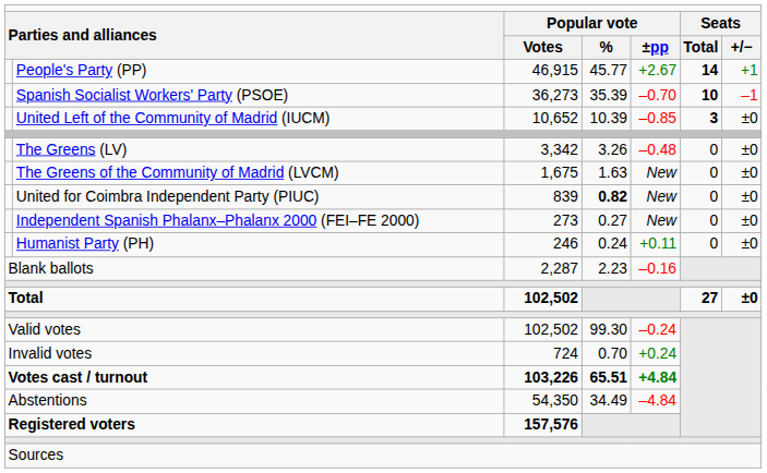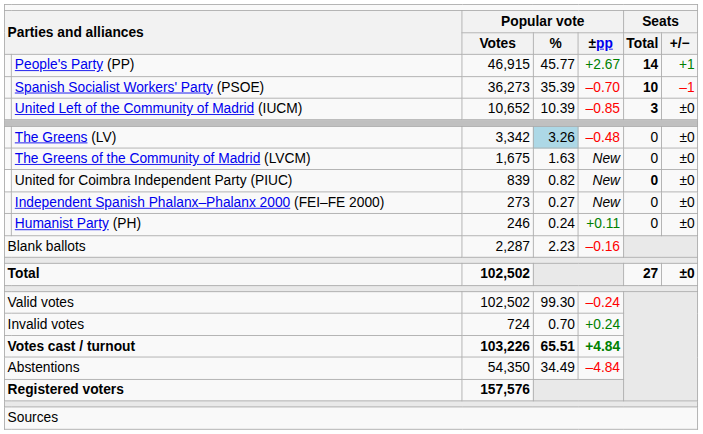 <table class="wikitable" style="text-align:right;">
 <tr>
 <td colspan="7"></td>
 </tr>
 <tr>
 <th style="text-align:left;" rowspan="2" colspan="2" width="525">Parties and alliances</th>
 <th colspan="3">Popular vote</th>
 <th colspan="2">Seats</th>
 </tr>
 <tr>
 <th width="75">Votes</th>
 <th width="45">%</th>
 <th width="45">±<a href='#'>pp</a></th>
 <th width="35">Total</th>
 <th width="35">+/−</th>
 </tr>
 <tr>
 <td width="1" style="color:inherit;background:"></td>
 <td align="left"><a href='#'>People's Party</a> (PP)</td>
 <td>46,915</td>
 <td>45.77</td>
 <td style="color:green;">+2.67</td>
 <td><strong>14</strong></td>
 <td style="color:green;">+1</td>
 </tr>
 <tr>
 <td style="color:inherit;background:"></td>
 <td align="left"><a href='#'>Spanish Socialist Workers' Party</a> (PSOE)</td>
 <td>36,273</td>
 <td>35.39</td>
 <td style="color:red;">–0.70</td>
 <td><strong>10</strong></td>
 <td style="color:red;">–1</td>
 </tr>
 <tr>
 <td style="color:inherit;background:"></td>
 <td align="left"><a href='#'>United Left of the Community of Madrid</a> (IUCM)</td>
 <td>10,652</td>
 <td>10.39</td>
 <td style="color:red;">–0.85</td>
 <td><strong>3</strong></td>
 <td>±0</td>
 </tr>
 <tr>
 <td colspan="7" bgcolor="#C0C0C0"></td>
 </tr>
 <tr>
 <td style="color:inherit;background:"></td>
 <td align="left"><a href='#'>The Greens</a> (LV)</td>
 <td>3,342</td>
-<td>3.26</td>
+<td style="background: lightblue;">3.26</td>
 <td style="color:red;">–0.48</td>
 <td>0</td>
 <td>±0</td>
 </tr>
 <tr>
 <td style="color:inherit;background:"></td>
 <td align="left"><a href='#'>The Greens of the Community of Madrid</a> (LVCM)</td>
 <td>1,675</td>
 <td>1.63</td>
 <td><em>New</em></td>
 <td>0</td>
 <td>±0</td>
 </tr>
 <tr>
 <td bgcolor="white"></td>
 <td align="left">United for Coimbra Independent Party (PIUC)</td>
 <td>839</td>
-<td><strong>0.82</strong></td>
+<td>0.82</td>
 <td><em>New</em></td>
-<td>0</td>
+<td><strong>0</strong></td>
 <td>±0</td>
 </tr>
 <tr>
 <td style="color:inherit;background:"></td>
 <td align="left"><a href='#'>Independent Spanish Phalanx–Phalanx 2000</a> (FEI–FE 2000)</td>
 <td>273</td>
 <td>0.27</td>
 <td><em>New</em></td>
 <td>0</td>
 <td>±0</td>
 </tr>
 <tr>
 <td style="color:inherit;background:"></td>
 <td align="left"><a href='#'>Humanist Party</a> (PH)</td>
 <td>246</td>
 <td>0.24</td>
 <td style="color:green;">+0.11</td>
 <td>0</td>
 <td>±0</td>
 </tr>
 <tr>
 <td align="left" colspan="2">Blank ballots</td>
 <td>2,287</td>
 <td>2.23</td>
 <td style="color:red;">–0.16</td>
 <td bgcolor="#E9E9E9" colspan="2"></td>
 </tr>
 <tr>
 <td colspan="7" bgcolor="#E9E9E9"></td>
 </tr>
 <tr style="font-weight:bold;">
 <td align="left" colspan="2">Total</td>
 <td>102,502</td>
 <td bgcolor="#E9E9E9" colspan="2"></td>
 <td>27</td>
 <td>±0</td>
 </tr>
 <tr>
 <td colspan="7" bgcolor="#E9E9E9"></td>
 </tr>
 <tr>
 <td align="left" colspan="2">Valid votes</td>
 <td>102,502</td>
 <td>99.30</td>
 <td style="color:red;">–0.24</td>
 <td bgcolor="#E9E9E9" colspan="2" rowspan="5"></td>
 </tr>
 <tr>
 <td align="left" colspan="2">Invalid votes</td>
 <td>724</td>
 <td>0.70</td>
 <td style="color:green;">+0.24</td>
 </tr>
 <tr style="font-weight:bold;">
 <td align="left" colspan="2">Votes cast / turnout</td>
 <td>103,226</td>
 <td>65.51</td>
 <td style="color:green;">+4.84</td>
 </tr>
 <tr>
 <td align="left" colspan="2">Abstentions</td>
 <td>54,350</td>
 <td>34.49</td>
 <td style="color:red;">–4.84</td>
 </tr>
 <tr style="font-weight:bold;">
 <td align="left" colspan="2">Registered voters</td>
 <td>157,576</td>
 <td bgcolor="#E9E9E9" colspan="2"></td>
 </tr>
 <tr>
 <td colspan="7" bgcolor="#E9E9E9"></td>
 </tr>
 <tr>
 <td align="left" colspan="7">Sources</td>
 </tr>
 </table>
